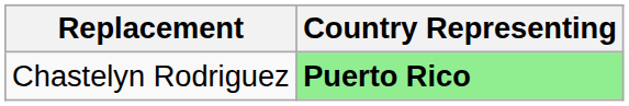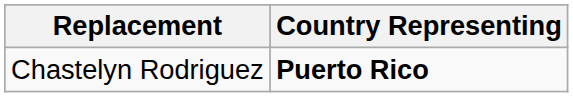 <table class="wikitable">
 <tr>
 <th>Replacement</th>
 <th>Country Representing</th>
 </tr>
 <tr>
 <td>Chastelyn Rodriguez</td>
-<td style="background: lightgreen;"><strong>Puerto Rico</strong></td>
+<td><strong>Puerto Rico</strong></td>
 </tr>
 </table>
